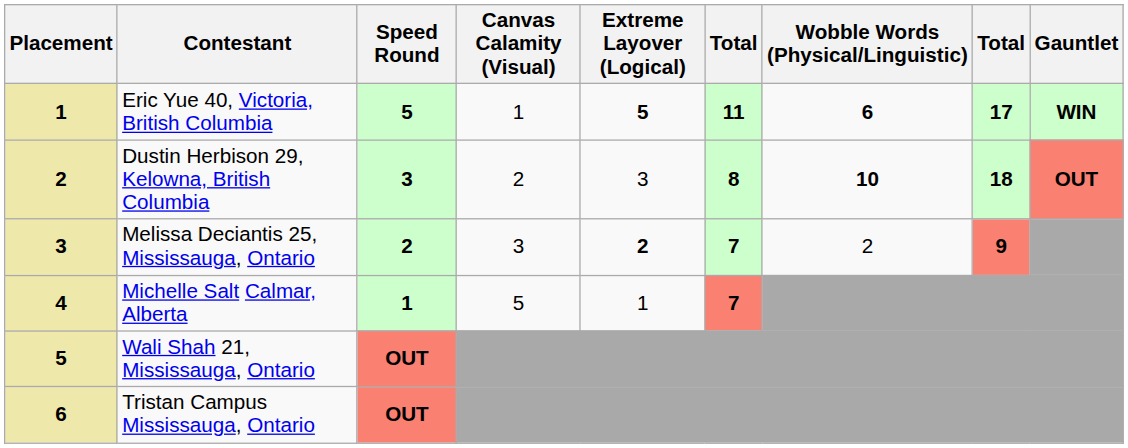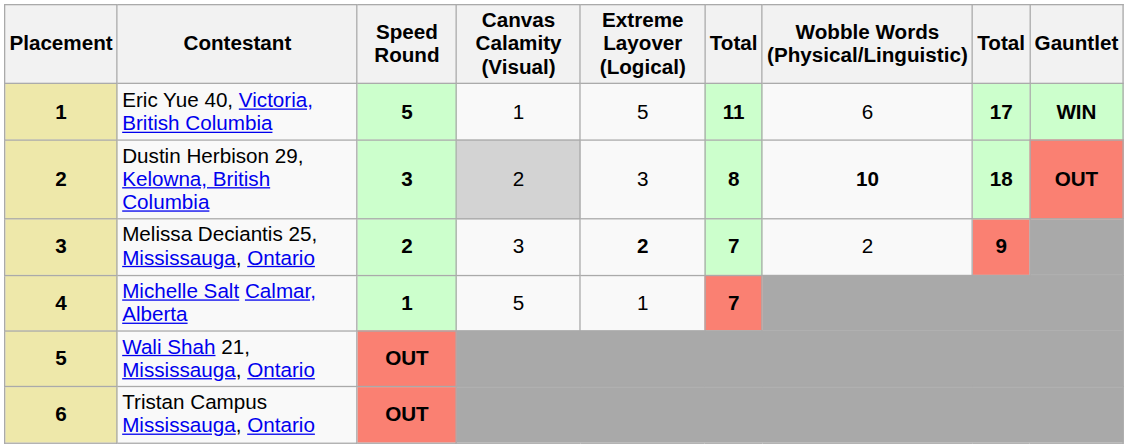 <table class="wikitable" style="text-align:center;">
 <tr>
 <th>Placement</th>
 <th>Contestant</th>
 <th>Speed Round</th>
 <th>Canvas Calamity<br>(Visual)</th>
 <th>Extreme Layover<br>(Logical)</th>
 <th>Total</th>
 <th>Wobble Words<br>(Physical/Linguistic)</th>
 <th>Total</th>
 <th>Gauntlet</th>
 </tr>
 <tr>
 <td bgcolor="palegoldenrod"><strong>1</strong></td>
 <td align="left">Eric Yue 40, <a href='#'>Victoria, British Columbia</a></td>
 <td bgcolor="#cfc"><strong>5</strong></td>
 <td>1</td>
-<td><strong>5</strong></td>
+<td>5</td>
 <td bgcolor="#cfc"><strong>11</strong></td>
-<td><strong>6</strong></td>
+<td>6</td>
 <td bgcolor="#cfc"><strong>17</strong></td>
 <td bgcolor="#cfc"><strong>WIN</strong></td>
 </tr>
 <tr>
 <td bgcolor="palegoldenrod"><strong>2</strong></td>
 <td align="left">Dustin Herbison 29, <a href='#'>Kelowna, British Columbia</a></td>
 <td bgcolor="#cfc"><strong>3</strong></td>
-<td>2</td>
+<td style="background: lightgrey;">2</td>
 <td>3</td>
 <td bgcolor="#cfc"><strong>8</strong></td>
 <td><strong>10</strong></td>
 <td bgcolor="#cfc"><strong>18</strong></td>
 <td bgcolor="salmon"><strong>OUT</strong></td>
 </tr>
 <tr>
 <td bgcolor="palegoldenrod"><strong>3</strong></td>
 <td align="left">Melissa Deciantis 25, <a href='#'>Mississauga</a>, <a href='#'>Ontario</a></td>
 <td bgcolor="#cfc"><strong>2</strong></td>
 <td>3</td>
 <td><strong>2</strong></td>
 <td bgcolor="#cfc"><strong>7</strong></td>
 <td>2</td>
 <td bgcolor="salmon"><strong>9</strong></td>
 <td bgcolor="darkgrey"></td>
 </tr>
 <tr>
 <td bgcolor="palegoldenrod"><strong>4</strong></td>
 <td align="left"><a href='#'>Michelle Salt</a> <a href='#'>Calmar, Alberta</a></td>
 <td bgcolor="#cfc"><strong>1</strong></td>
 <td>5</td>
 <td>1</td>
 <td bgcolor="salmon"><strong>7</strong></td>
 <td bgcolor="darkgrey" colspan="3"></td>
 </tr>
 <tr>
 <td bgcolor="palegoldenrod"><strong>5</strong></td>
 <td align="left"><a href='#'>Wali Shah</a> 21, <a href='#'>Mississauga</a>, <a href='#'>Ontario</a></td>
 <td bgcolor="salmon"><strong>OUT</strong></td>
 <td bgcolor="darkgrey" colspan="6"></td>
 </tr>
 <tr>
 <td bgcolor="palegoldenrod"><strong>6</strong></td>
 <td align="left">Tristan Campus <a href='#'>Mississauga</a>, <a href='#'>Ontario</a></td>
 <td bgcolor="salmon"><strong>OUT</strong></td>
 <td bgcolor="darkgrey" colspan="6"></td>
 </tr>
 </table>
